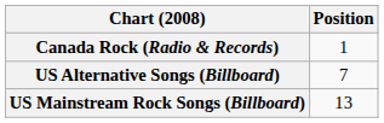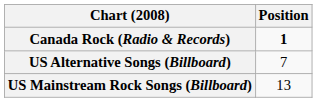 <table class="wikitable plainrowheaders sortable" style="text-align:center">
 <tr>
 <th>Chart (2008)</th>
 <th>Position</th>
 </tr>
 <tr>
 <th scope="row">Canada Rock (<em>Radio & Records</em>)</th>
-<td>1</td>
+<td><strong>1</strong></td>
 </tr>
 <tr>
 <th scope="row">US Alternative Songs (<em>Billboard</em>)</th>
 <td>7</td>
 </tr>
 <tr>
 <th scope="row">US Mainstream Rock Songs (<em>Billboard</em>)</th>
 <td>13</td>
 </tr>
 </table>
